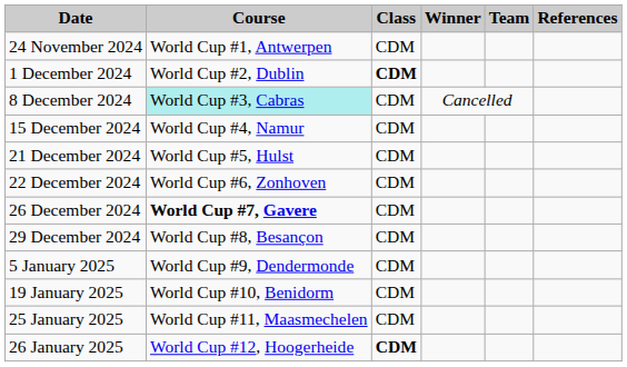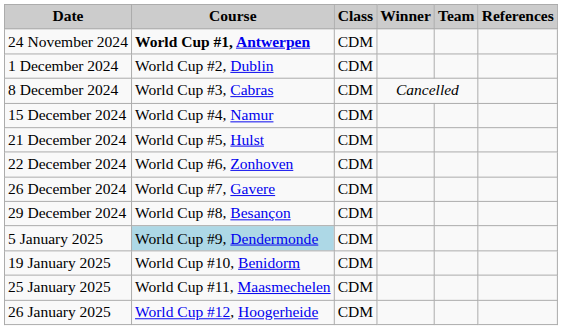 <table class="wikitable sortable alternance ">
 <tr>
 <th scope="col" style="background-color:#CCCCCC;">Date</th>
 <th scope="col" style="background-color:#CCCCCC;">Course</th>
 <th scope="col" style="background-color:#CCCCCC;">Class</th>
 <th scope="col" style="background-color:#CCCCCC;">Winner</th>
 <th scope="col" style="background-color:#CCCCCC;">Team</th>
 <th scope="col" style="background-color:#CCCCCC;">References</th>
 </tr>
 <tr>
 <td>24 November 2024</td>
-<td> World Cup #1, <a href='#'>Antwerpen</a></td>
+<td><strong> World Cup #1, <a href='#'>Antwerpen</a></strong></td>
 <td>CDM</td>
 <td></td>
 <td></td>
 <td></td>
 </tr>
 <tr>
 <td>1 December 2024</td>
 <td> World Cup #2, <a href='#'>Dublin</a></td>
-<td><strong>CDM</strong></td>
+<td>CDM</td>
 <td></td>
 <td></td>
 <td></td>
 </tr>
 <tr>
 <td>8 December 2024</td>
-<td style="background: paleturquoise;"> World Cup #3, <a href='#'>Cabras</a></td>
+<td> World Cup #3, <a href='#'>Cabras</a></td>
 <td>CDM</td>
 <td align=center colspan="2"><em>Cancelled</em></td>
 <td></td>
 </tr>
 <tr>
 <td>15 December 2024</td>
 <td> World Cup #4, <a href='#'>Namur</a></td>
 <td>CDM</td>
 <td></td>
 <td></td>
 <td></td>
 </tr>
 <tr>
 <td>21 December 2024</td>
 <td> World Cup #5, <a href='#'>Hulst</a></td>
 <td>CDM</td>
 <td></td>
 <td></td>
 <td></td>
 </tr>
 <tr>
 <td>22 December 2024</td>
 <td> World Cup #6, <a href='#'>Zonhoven</a></td>
 <td>CDM</td>
 <td></td>
 <td></td>
 <td></td>
 </tr>
 <tr>
 <td>26 December 2024</td>
-<td><strong> World Cup #7, <a href='#'>Gavere</a></strong></td>
+<td> World Cup #7, <a href='#'>Gavere</a></td>
 <td>CDM</td>
 <td></td>
 <td></td>
 <td></td>
 </tr>
 <tr>
 <td>29 December 2024</td>
 <td> World Cup #8, <a href='#'>Besançon</a></td>
 <td>CDM</td>
 <td></td>
 <td></td>
 <td></td>
 </tr>
 <tr>
 <td>5 January 2025</td>
-<td> World Cup #9, <a href='#'>Dendermonde</a></td>
+<td style="background: lightblue;"> World Cup #9, <a href='#'>Dendermonde</a></td>
 <td>CDM</td>
 <td></td>
 <td></td>
 <td></td>
 </tr>
 <tr>
 <td>19 January 2025</td>
 <td> World Cup #10, <a href='#'>Benidorm</a></td>
 <td>CDM</td>
 <td></td>
 <td></td>
 <td></td>
 </tr>
 <tr>
 <td>25 January 2025</td>
 <td> World Cup #11, <a href='#'>Maasmechelen</a></td>
 <td>CDM</td>
 <td></td>
 <td></td>
 <td></td>
 </tr>
 <tr>
 <td>26 January 2025</td>
 <td> <a href='#'>World Cup #12</a>, <a href='#'>Hoogerheide</a></td>
-<td><strong>CDM</strong></td>
+<td>CDM</td>
 <td></td>
 <td></td>
 <td></td>
 </tr>
 </table>
